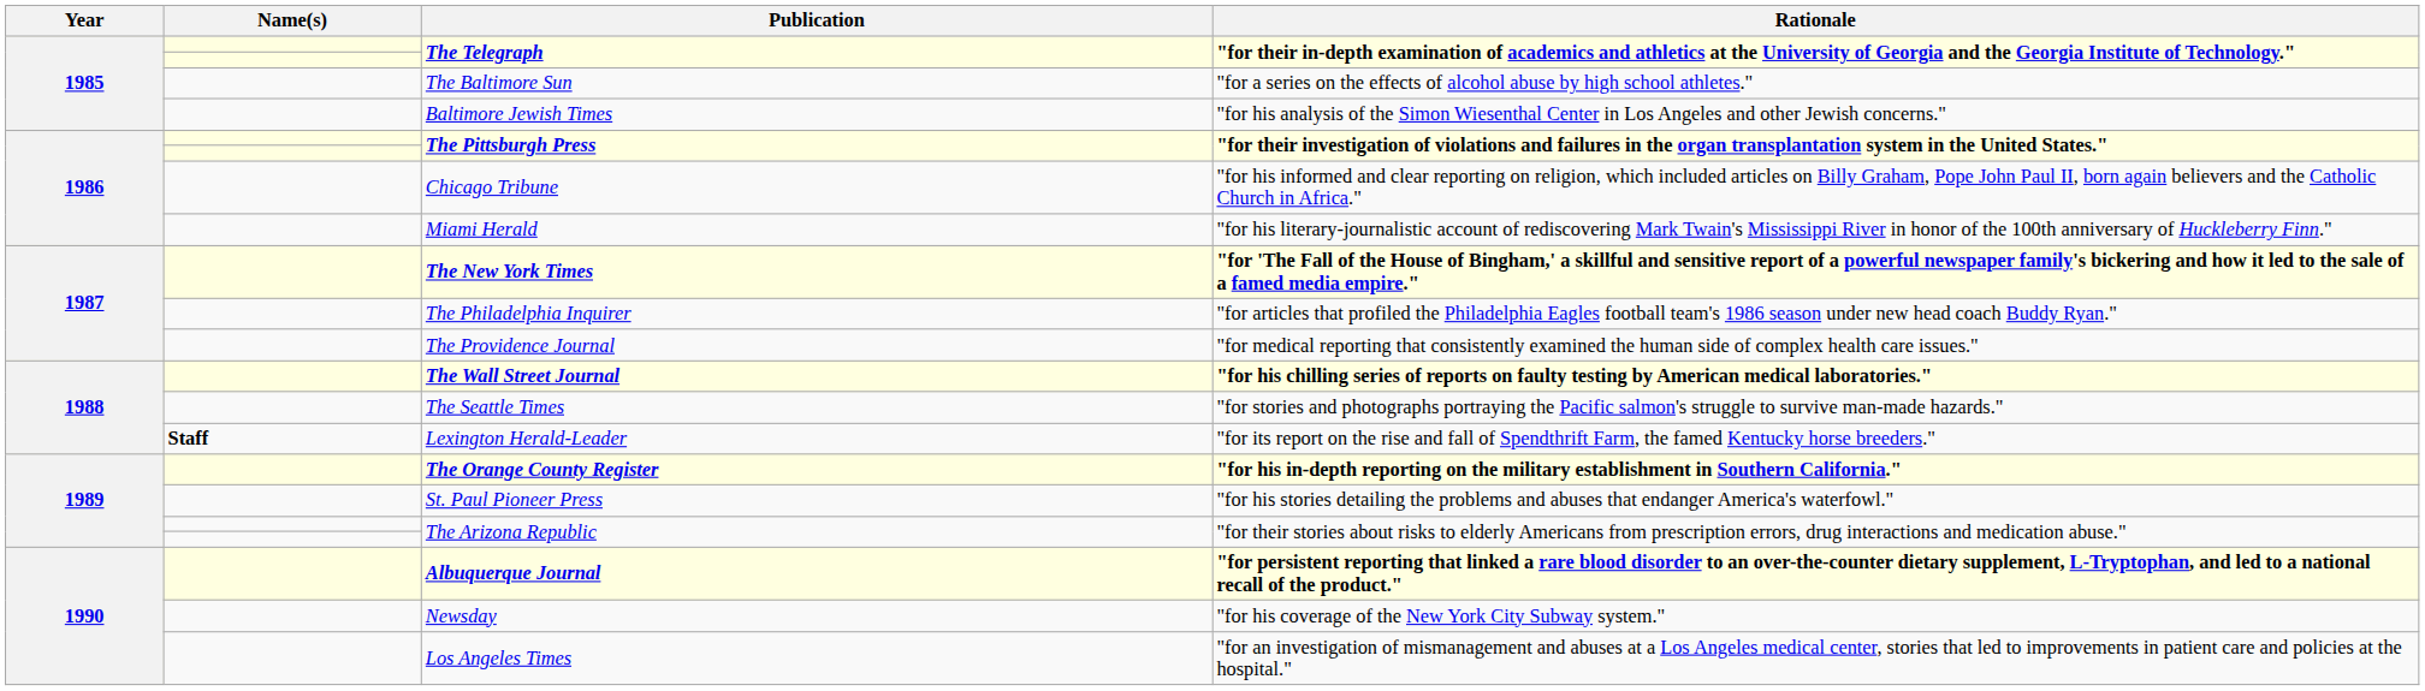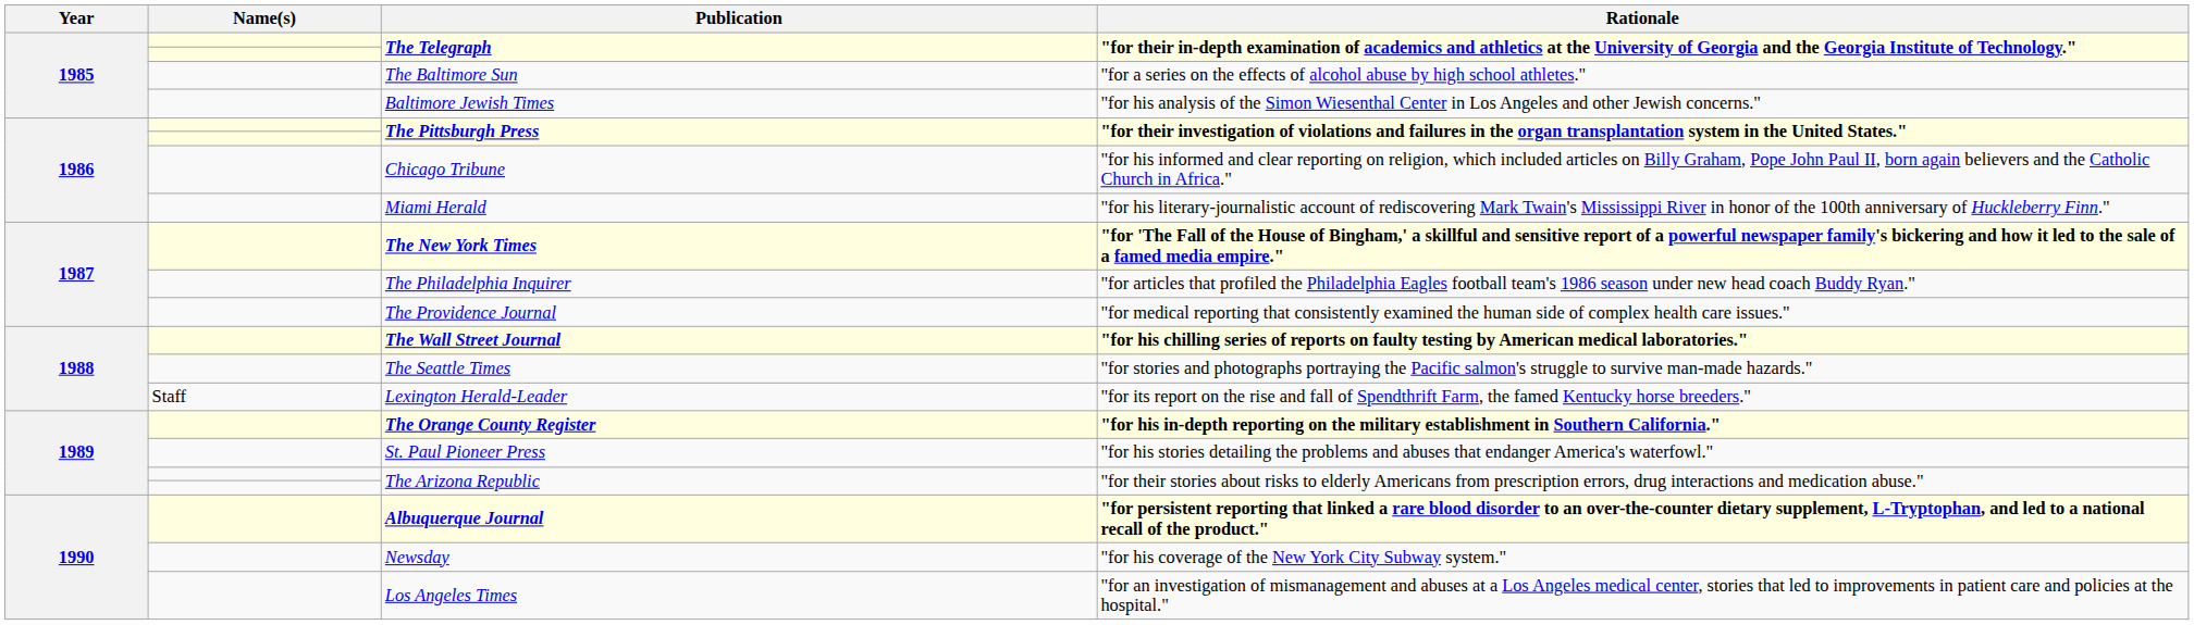 <table class="wikitable sortable">
 <tr style="vertical-align:bottom;">
 <th>Year</th>
 <th>Name(s)</th>
 <th>Publication</th>
 <th width=50%>Rationale</th>
 </tr>
 <tr style="background-color:lightyellow;">
 <th rowspan=4><strong><a href='#'>1985</a></strong></th>
 <td><strong></strong></td>
 <td rowspan=2><strong><em><a href='#'>The Telegraph</a></em></strong></td>
 <td rowspan=2><strong>"for their in-depth examination of <a href='#'>academics and athletics</a> at the <a href='#'>University of Georgia</a> and the <a href='#'>Georgia Institute of Technology</a>."</strong></td>
 </tr>
 <tr style="background-color:lightyellow;">
 <td><strong></strong></td>
 </tr>
 <tr>
 <td></td>
 <td><em><a href='#'>The Baltimore Sun</a></em></td>
 <td>"for a series on the effects of <a href='#'>alcohol abuse by high school athletes</a>."</td>
 </tr>
 <tr>
 <td></td>
 <td><em><a href='#'>Baltimore Jewish Times</a></em></td>
 <td>"for his analysis of the <a href='#'>Simon Wiesenthal Center</a> in Los Angeles and other Jewish concerns."</td>
 </tr>
 <tr style="background-color:lightyellow;">
 <th rowspan=4><strong><a href='#'>1986</a></strong></th>
 <td><strong></strong></td>
 <td rowspan=2><strong><em><a href='#'>The Pittsburgh Press</a></em></strong></td>
 <td rowspan=2><strong>"for their investigation of violations and failures in the <a href='#'>organ transplantation</a> system in the United States."</strong></td>
 </tr>
 <tr style="background-color:lightyellow;">
 <td><strong></strong></td>
 </tr>
 <tr>
 <td></td>
 <td><em><a href='#'>Chicago Tribune</a></em></td>
 <td>"for his informed and clear reporting on religion, which included articles on <a href='#'>Billy Graham</a>, <a href='#'>Pope John Paul II</a>, <a href='#'>born again</a> believers and the <a href='#'>Catholic Church in Africa</a>."</td>
 </tr>
 <tr>
 <td></td>
 <td><em><a href='#'>Miami Herald</a></em></td>
 <td>"for his literary-journalistic account of rediscovering <a href='#'>Mark Twain</a>'s <a href='#'>Mississippi River</a> in honor of the 100th anniversary of <em><a href='#'>Huckleberry Finn</a></em>."</td>
 </tr>
 <tr style="background-color:lightyellow;">
 <th rowspan=3><strong><a href='#'>1987</a></strong></th>
 <td><strong></strong></td>
 <td><strong><em><a href='#'>The New York Times</a></em></strong></td>
 <td><strong>"for 'The Fall of the House of Bingham,' a skillful and sensitive report of a <a href='#'>powerful newspaper family</a>'s bickering and how it led to the sale of a <a href='#'>famed media empire</a>."</strong></td>
 </tr>
 <tr>
 <td></td>
 <td><em><a href='#'>The Philadelphia Inquirer</a></em></td>
 <td>"for articles that profiled the <a href='#'>Philadelphia Eagles</a> football team's <a href='#'>1986 season</a> under new head coach <a href='#'>Buddy Ryan</a>."</td>
 </tr>
 <tr>
 <td></td>
 <td><em><a href='#'>The Providence Journal</a></em></td>
 <td>"for medical reporting that consistently examined the human side of complex health care issues."</td>
 </tr>
 <tr style="background-color:lightyellow;">
 <th rowspan=3><strong><a href='#'>1988</a></strong></th>
 <td><strong></strong></td>
 <td><strong><em><a href='#'>The Wall Street Journal</a></em></strong></td>
 <td><strong>"for his chilling series of reports on faulty testing by American medical laboratories."</strong></td>
 </tr>
 <tr>
 <td></td>
 <td><em><a href='#'>The Seattle Times</a></em></td>
 <td>"for stories and photographs portraying the <a href='#'>Pacific salmon</a>'s struggle to survive man-made hazards."</td>
 </tr>
 <tr>
-<td><strong>Staff</strong></td>
+<td>Staff</td>
 <td><em><a href='#'>Lexington Herald-Leader</a></em></td>
 <td>"for its report on the rise and fall of <a href='#'>Spendthrift Farm</a>, the famed <a href='#'>Kentucky horse breeders</a>."</td>
 </tr>
 <tr style="background-color:lightyellow;">
 <th rowspan=4><strong><a href='#'>1989</a></strong></th>
 <td><strong></strong></td>
 <td><strong><em><a href='#'>The Orange County Register</a></em></strong></td>
 <td><strong>"for his in-depth reporting on the military establishment in <a href='#'>Southern California</a>."</strong></td>
 </tr>
 <tr>
 <td></td>
 <td><em><a href='#'>St. Paul Pioneer Press</a></em></td>
 <td>"for his stories detailing the problems and abuses that endanger America's waterfowl."</td>
 </tr>
 <tr>
 <td></td>
 <td rowspan=2><em><a href='#'>The Arizona Republic</a></em></td>
 <td rowspan=2>"for their stories about risks to elderly Americans from prescription errors, drug interactions and medication abuse."</td>
 </tr>
 <tr>
 <td></td>
 </tr>
 <tr style="background-color:lightyellow;">
 <th rowspan=3><strong><a href='#'>1990</a></strong></th>
 <td><strong></strong></td>
 <td><strong><em><a href='#'>Albuquerque Journal</a></em></strong></td>
 <td><strong>"for persistent reporting that linked a <a href='#'>rare blood disorder</a> to an over-the-counter dietary supplement, <a href='#'>L-Tryptophan</a>, and led to a national recall of the product."</strong></td>
 </tr>
 <tr>
 <td></td>
 <td><em><a href='#'>Newsday</a></em></td>
 <td>"for his coverage of the <a href='#'>New York City Subway</a> system."</td>
 </tr>
 <tr>
 <td></td>
 <td><em><a href='#'>Los Angeles Times</a></em></td>
 <td>"for an investigation of mismanagement and abuses at a <a href='#'>Los Angeles medical center</a>, stories that led to improvements in patient care and policies at the hospital."</td>
 </tr>
 </table>
